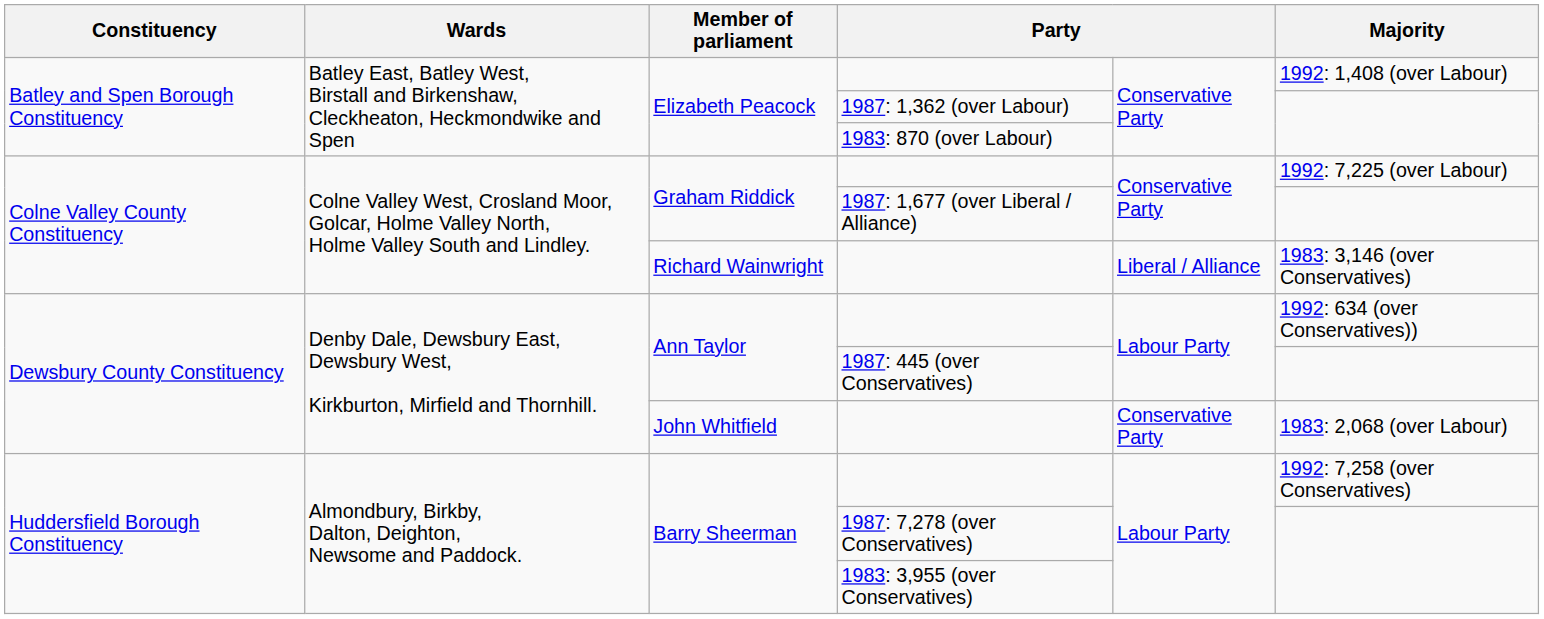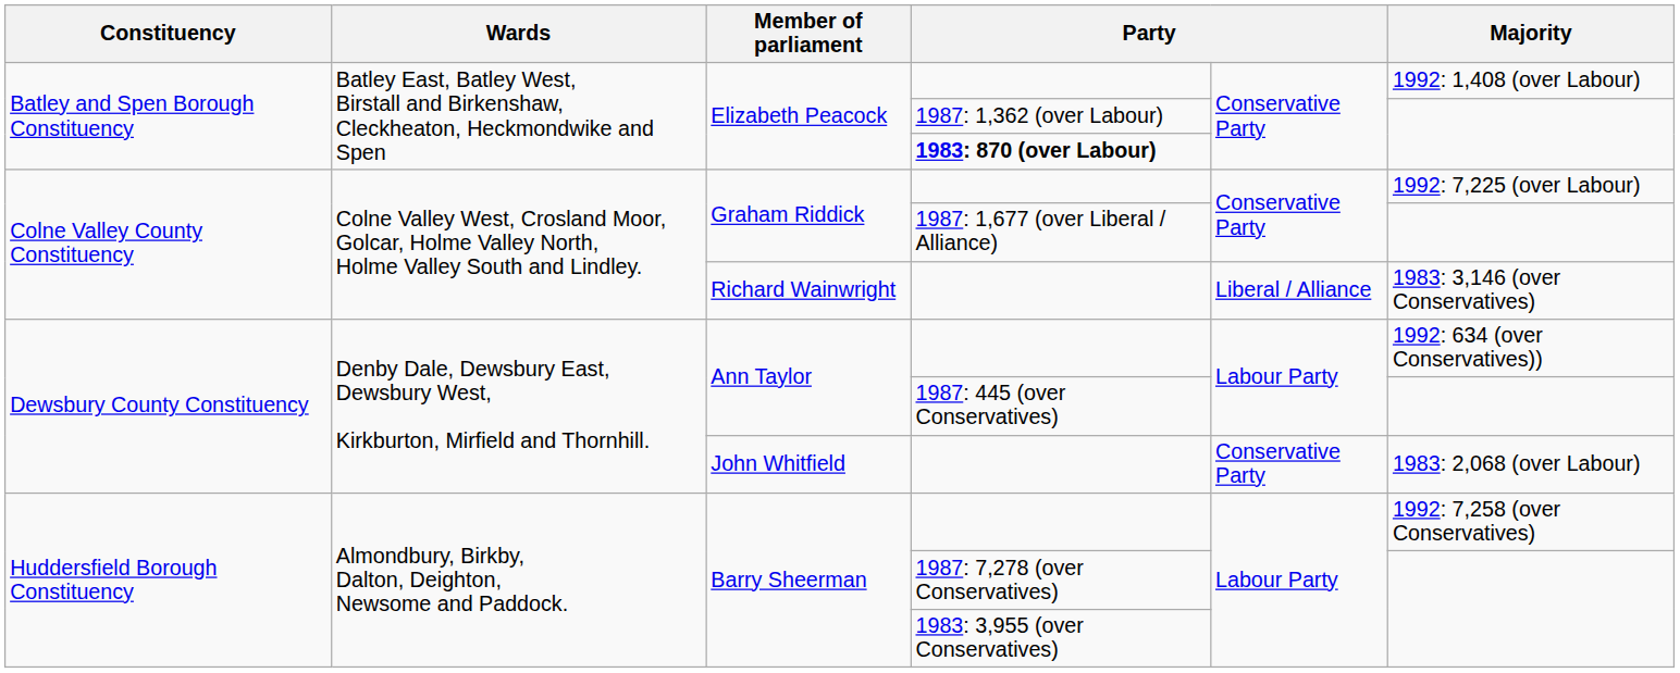 <table class="wikitable">
 <tr>
 <th>Constituency</th>
 <th>Wards</th>
 <th>Member of parliament</th>
 <th colspan=2>Party</th>
 <th>Majority</th>
 </tr>
 <tr>
 <td rowspan=3><a href='#'>Batley and Spen Borough Constituency</a></td>
 <td rowspan=3>Batley East, Batley West,<br> Birstall and Birkenshaw,<br> Cleckheaton, Heckmondwike and Spen</td>
 <td rowspan=3><a href='#'>Elizabeth Peacock</a></td>
 <td style="color:inherit;background:"></td>
 <td rowspan=3><a href='#'>Conservative Party</a></td>
 <td><a href='#'>1992</a>: 1,408 (over Labour)</td>
 </tr>
 <tr>
 <td><a href='#'>1987</a>: 1,362 (over Labour)</td>
 </tr>
 <tr>
-<td><a href='#'>1983</a>: 870 (over Labour)</td>
+<td><strong><a href='#'>1983</a>: 870 (over Labour)</strong></td>
 </tr>
 <tr>
 <td rowspan=3><a href='#'>Colne Valley County Constituency</a></td>
 <td rowspan=3>Colne Valley West, Crosland Moor,<br> Golcar, Holme Valley North,<br> Holme Valley South and Lindley.</td>
 <td rowspan=2><a href='#'>Graham Riddick</a></td>
 <td style="color:inherit;background:"></td>
 <td rowspan=2><a href='#'>Conservative Party</a></td>
 <td><a href='#'>1992</a>: 7,225 (over Labour)</td>
 </tr>
 <tr>
 <td><a href='#'>1987</a>: 1,677 (over Liberal / Alliance)</td>
 </tr>
 <tr>
 <td><a href='#'>Richard Wainwright</a></td>
 <td style="color:inherit;background:"></td>
 <td><a href='#'>Liberal / Alliance</a></td>
 <td><a href='#'>1983</a>: 3,146 (over Conservatives)</td>
 </tr>
 <tr>
 <td rowspan=3><a href='#'>Dewsbury County Constituency</a></td>
 <td rowspan=3>Denby Dale, Dewsbury East, Dewsbury West, <br><br>Kirkburton, Mirfield and Thornhill.</td>
 <td rowspan=2><a href='#'>Ann Taylor</a></td>
 <td style="color:inherit;background:"></td>
 <td rowspan=2><a href='#'>Labour Party</a></td>
 <td><a href='#'>1992</a>: 634 (over Conservatives))</td>
 </tr>
 <tr>
 <td><a href='#'>1987</a>: 445 (over Conservatives)</td>
 </tr>
 <tr>
 <td><a href='#'>John Whitfield</a></td>
 <td style="color:inherit;background:"></td>
 <td><a href='#'>Conservative Party</a></td>
 <td><a href='#'>1983</a>: 2,068 (over Labour)</td>
 </tr>
 <tr>
 <td rowspan=3><a href='#'>Huddersfield Borough Constituency</a></td>
 <td rowspan=3>Almondbury, Birkby,<br> Dalton, Deighton,<br> Newsome and Paddock.</td>
 <td rowspan=3><a href='#'>Barry Sheerman</a></td>
 <td style="color:inherit;background:"></td>
 <td rowspan=3><a href='#'>Labour Party</a></td>
 <td><a href='#'>1992</a>: 7,258 (over Conservatives)</td>
 </tr>
 <tr>
 <td><a href='#'>1987</a>: 7,278 (over Conservatives)</td>
 </tr>
 <tr>
 <td><a href='#'>1983</a>: 3,955 (over Conservatives)</td>
 </tr>
 </table>
